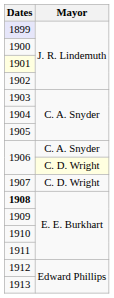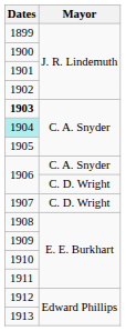 <table class="wikitable">
 <tr>
 <th>Dates</th>
 <th>Mayor</th>
 </tr>
 <tr align=center>
-<td style="background: lavender;">1899</td>
+<td>1899</td>
 <td rowspan=4>J. R. Lindemuth</td>
 </tr>
 <tr align=center>
 <td>1900</td>
 </tr>
 <tr align=center>
-<td style="background: lightyellow;">1901</td>
+<td>1901</td>
 </tr>
 <tr align=center>
 <td>1902</td>
 </tr>
 <tr align=center>
-<td>1903</td>
+<td><strong>1903</strong></td>
 <td rowspan=3>C. A. Snyder</td>
 </tr>
 <tr align=center>
-<td>1904</td>
+<td style="background: paleturquoise;">1904</td>
 </tr>
 <tr align=center>
 <td>1905</td>
 </tr>
 <tr align=center>
 <td rowspan=2>1906</td>
 <td>C. A. Snyder</td>
 </tr>
 <tr align=center>
-<td style="background: lightyellow;">C. D. Wright</td>
+<td>C. D. Wright</td>
 </tr>
 <tr align=center>
 <td>1907</td>
 <td>C. D. Wright</td>
 </tr>
 <tr align=center>
-<td><strong>1908</strong></td>
+<td>1908</td>
 <td rowspan=4>E. E. Burkhart</td>
 </tr>
 <tr align=center>
 <td>1909</td>
 </tr>
 <tr align=center>
 <td>1910</td>
 </tr>
 <tr align=center>
 <td>1911</td>
 </tr>
 <tr align=center>
 <td>1912</td>
 <td rowspan=2>Edward Phillips</td>
 </tr>
 <tr align=center>
 <td>1913</td>
 </tr>
 </table>
